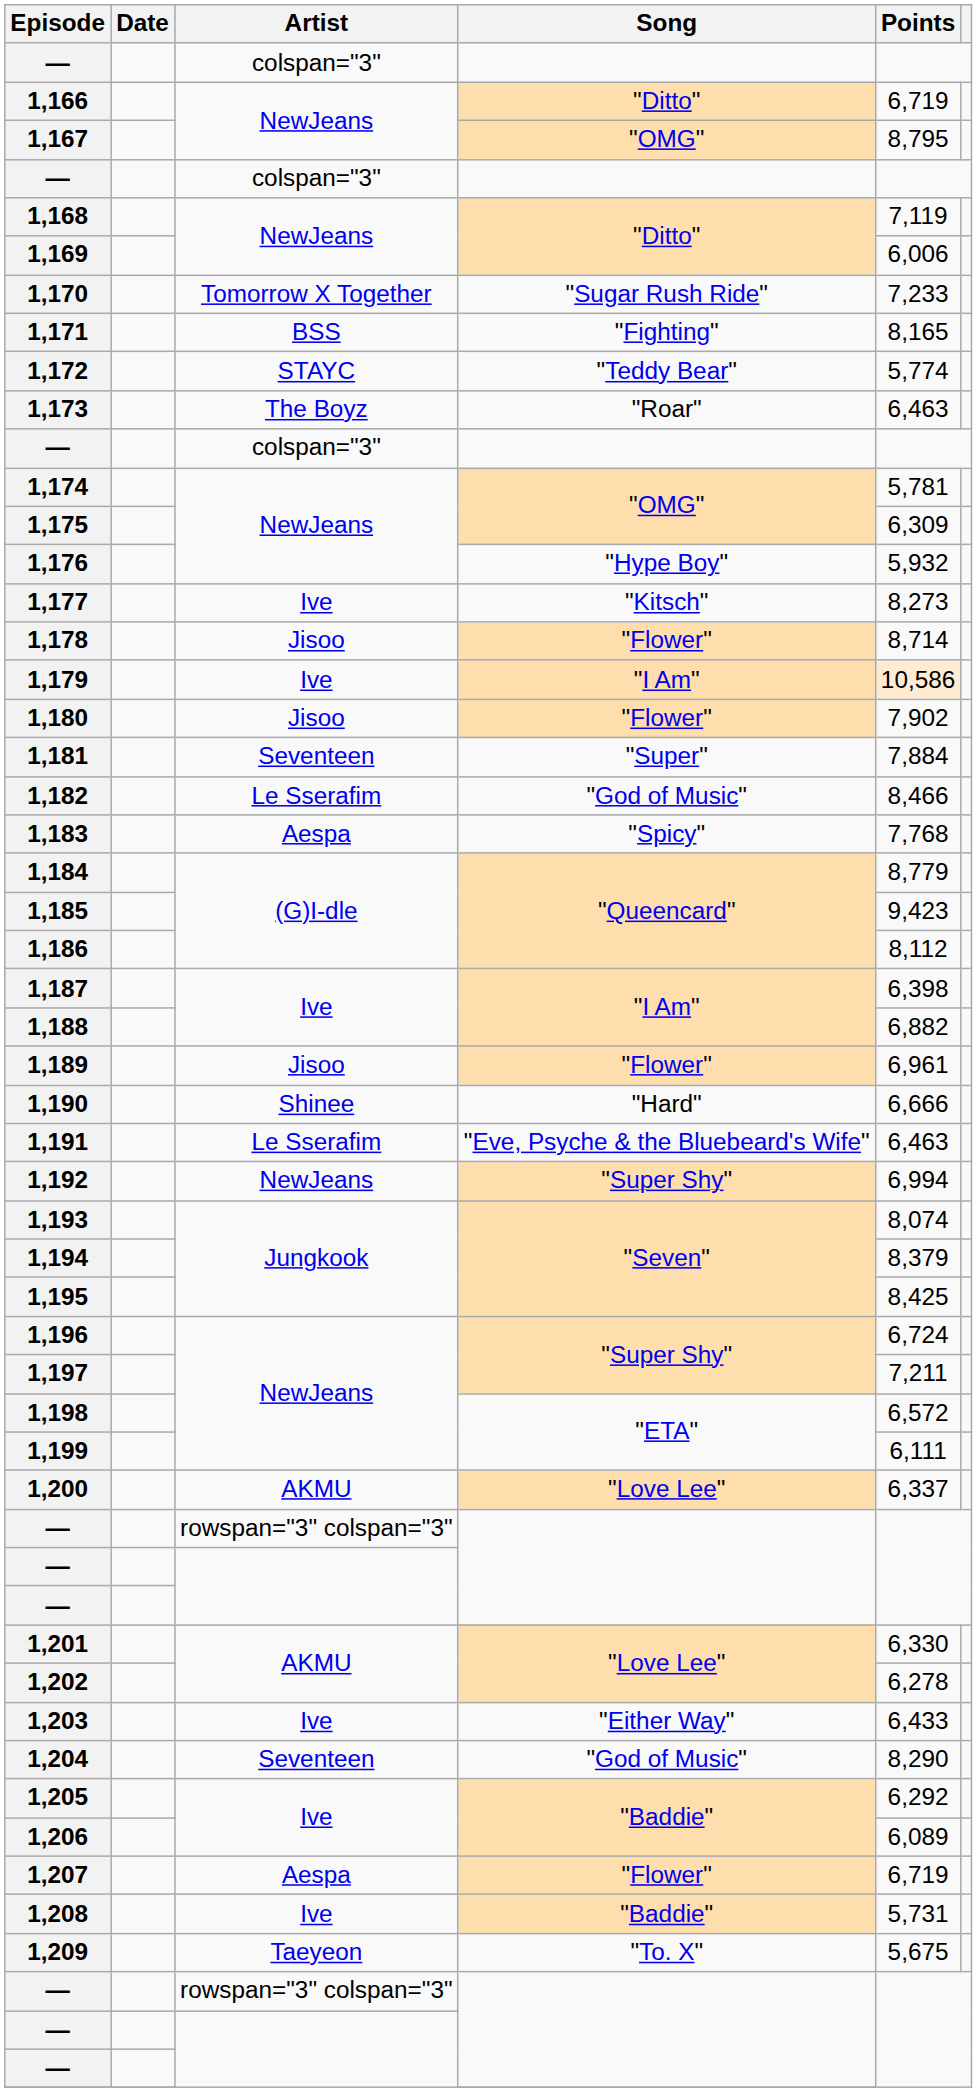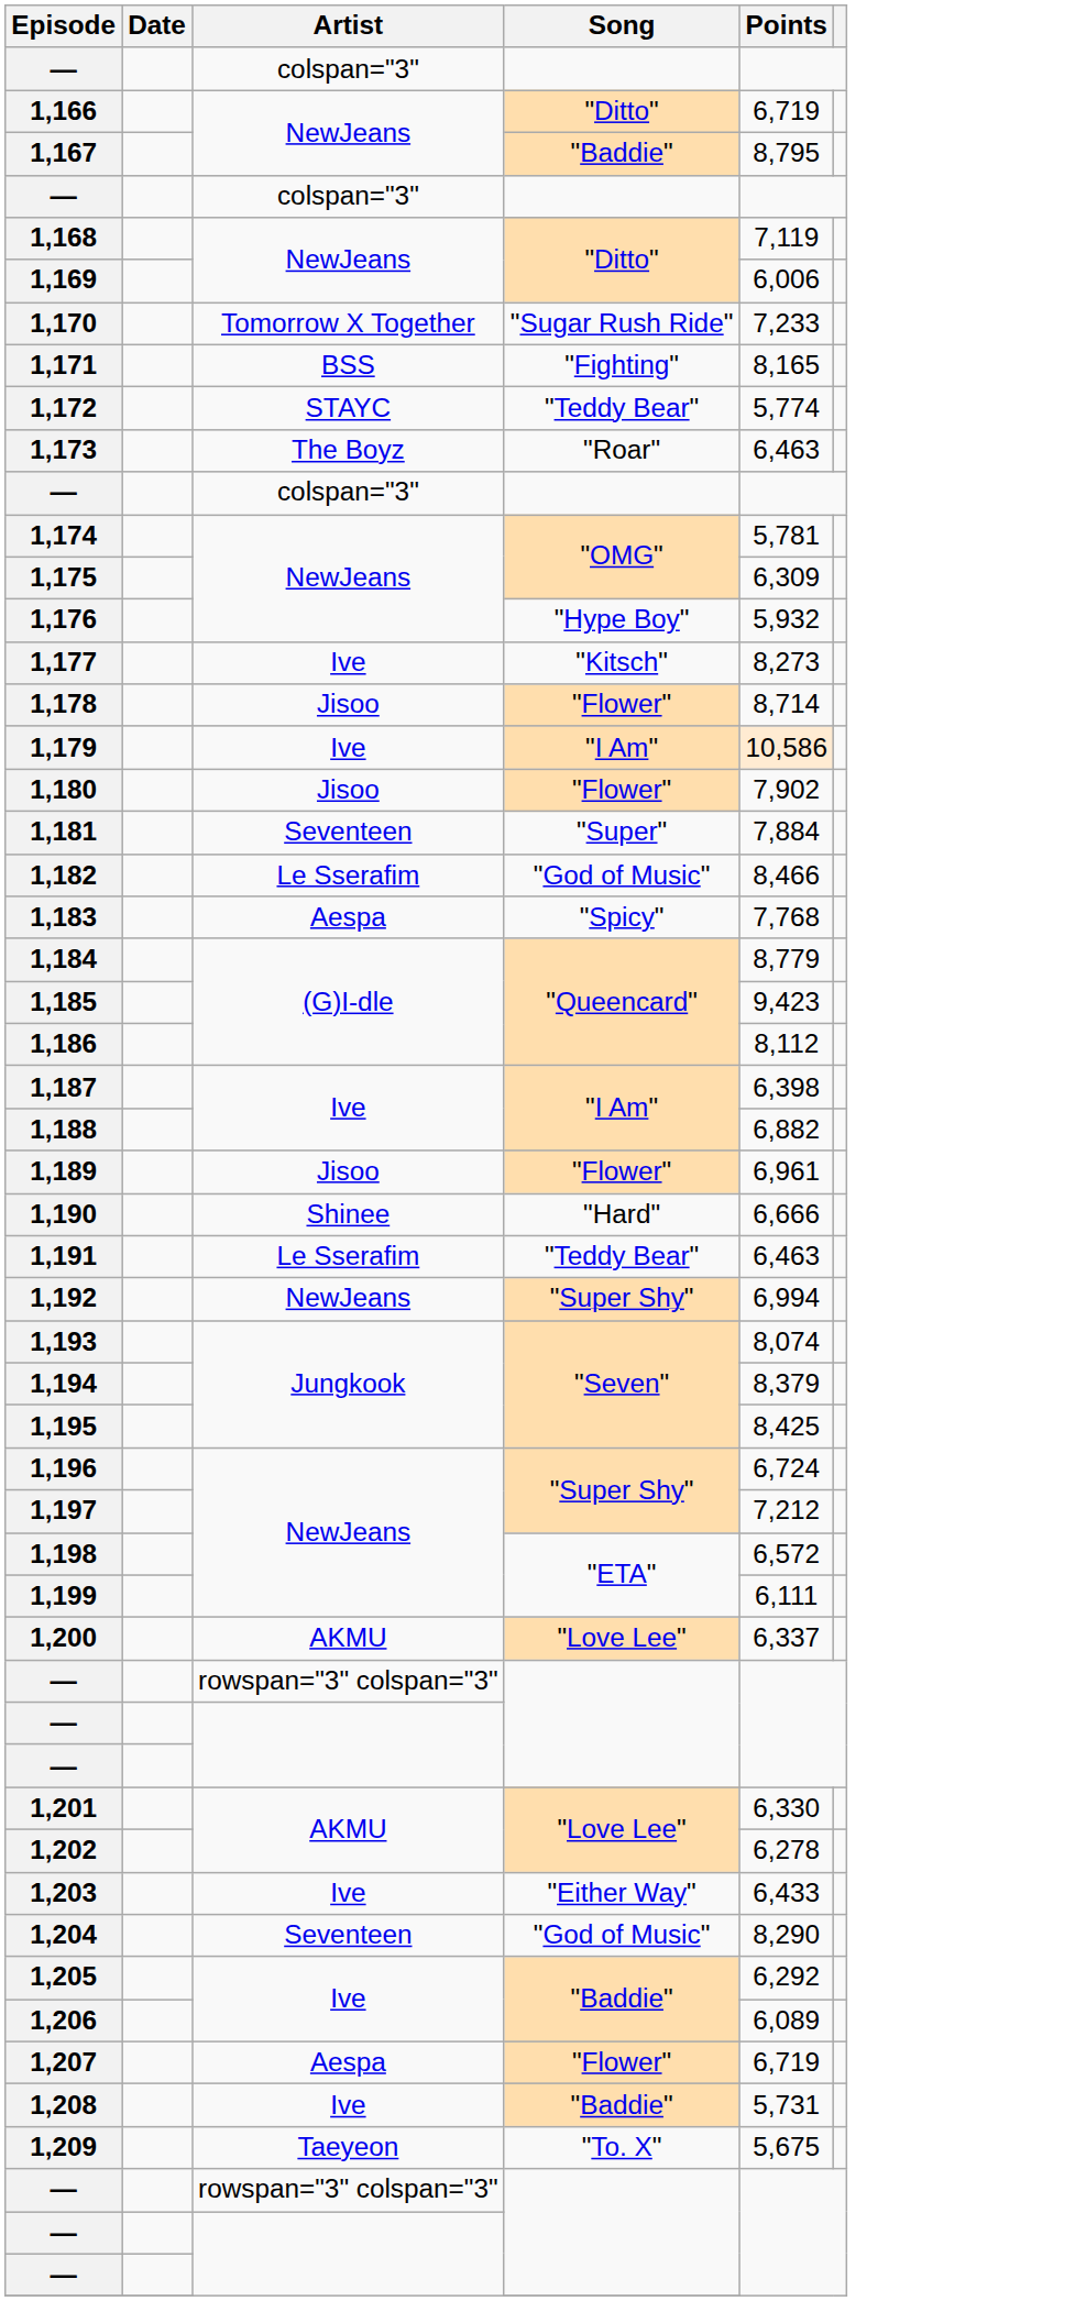 <table class="wikitable sortable plainrowheaders" style="text-align:center">
 <tr>
 <th scope="col">Episode</th>
 <th scope="col">Date</th>
 <th scope="col">Artist</th>
 <th scope="col">Song</th>
 <th scope="col">Points</th>
 <th scope="col" class="unsortable"></th>
 </tr>
 <tr>
 <th scope="row">—</th>
 <td></td>
 <td>colspan="3" </td>
 <td></td>
 </tr>
 <tr>
 <th scope="row">1,166</th>
 <td></td>
 <td rowspan="2"><a href='#'>NewJeans</a></td>
 <td style="background:#FFDEAD">"<a href='#'>Ditto</a>" </td>
 <td>6,719</td>
 <td></td>
 </tr>
 <tr>
 <th scope="row">1,167</th>
 <td></td>
-<td style="background:#FFDEAD">"<a href='#'>OMG</a>"  </td>
+<td style="background:#FFDEAD">"<a href='#'>Baddie</a>" </td>
 <td>8,795</td>
 <td></td>
 </tr>
 <tr>
 <th scope="row">—</th>
 <td></td>
 <td>colspan="3" </td>
 <td></td>
 </tr>
 <tr>
 <th scope="row">1,168</th>
 <td></td>
 <td rowspan="2"><a href='#'>NewJeans</a></td>
 <td rowspan="2" style="background:#FFDEAD">"<a href='#'>Ditto</a>" </td>
 <td>7,119</td>
 <td></td>
 </tr>
 <tr>
 <th scope="row">1,169</th>
 <td></td>
 <td>6,006</td>
 <td></td>
 </tr>
 <tr>
 <th scope="row">1,170</th>
 <td></td>
 <td><a href='#'>Tomorrow X Together</a></td>
 <td>"<a href='#'>Sugar Rush Ride</a>"</td>
 <td>7,233</td>
 <td></td>
 </tr>
 <tr>
 <th scope="row">1,171</th>
 <td></td>
 <td><a href='#'>BSS</a></td>
 <td>"<a href='#'>Fighting</a>"</td>
 <td>8,165</td>
 <td></td>
 </tr>
 <tr>
 <th scope="row">1,172</th>
 <td></td>
 <td><a href='#'>STAYC</a></td>
 <td>"<a href='#'>Teddy Bear</a>"</td>
 <td>5,774</td>
 <td></td>
 </tr>
 <tr>
 <th scope="row">1,173</th>
 <td></td>
 <td data-sort-value="Boyz, The"><a href='#'>The Boyz</a></td>
 <td>"Roar"</td>
 <td>6,463</td>
 <td></td>
 </tr>
 <tr>
 <th scope="row">—</th>
 <td></td>
 <td>colspan="3" </td>
 <td></td>
 </tr>
 <tr>
 <th scope="row">1,174</th>
 <td></td>
 <td rowspan="3"><a href='#'>NewJeans</a></td>
 <td rowspan="2" style="background:#FFDEAD">"<a href='#'>OMG</a>" </td>
 <td>5,781</td>
 <td></td>
 </tr>
 <tr>
 <th scope="row">1,175</th>
 <td></td>
 <td>6,309</td>
 <td></td>
 </tr>
 <tr>
 <th scope="row">1,176</th>
 <td></td>
 <td>"<a href='#'>Hype Boy</a>"</td>
 <td>5,932</td>
 <td></td>
 </tr>
 <tr>
 <th scope="row">1,177</th>
 <td></td>
 <td><a href='#'>Ive</a></td>
 <td>"<a href='#'>Kitsch</a>"</td>
 <td>8,273</td>
 <td></td>
 </tr>
 <tr>
 <th scope="row">1,178</th>
 <td></td>
 <td><a href='#'>Jisoo</a></td>
 <td style="background:#FFDEAD">"<a href='#'>Flower</a>" </td>
 <td>8,714</td>
 <td></td>
 </tr>
 <tr>
 <th scope="row">1,179</th>
 <td></td>
 <td><a href='#'>Ive</a></td>
 <td style="background:#FFDEAD">"<a href='#'>I Am</a>" </td>
 <td style="background:#FFEBD2;">10,586 </td>
 <td></td>
 </tr>
 <tr>
 <th scope="row">1,180</th>
 <td></td>
 <td><a href='#'>Jisoo</a></td>
 <td style="background:#FFDEAD">"<a href='#'>Flower</a>" </td>
 <td>7,902</td>
 <td></td>
 </tr>
 <tr>
 <th scope="row">1,181</th>
 <td></td>
 <td><a href='#'>Seventeen</a></td>
 <td>"<a href='#'>Super</a>"</td>
 <td>7,884</td>
 <td></td>
 </tr>
 <tr>
 <th scope="row">1,182</th>
 <td></td>
 <td><a href='#'>Le Sserafim</a></td>
 <td>"<a href='#'>God of Music</a>"</td>
 <td>8,466</td>
 <td></td>
 </tr>
 <tr>
 <th scope="row">1,183</th>
 <td></td>
 <td><a href='#'>Aespa</a></td>
 <td>"<a href='#'>Spicy</a>"</td>
 <td>7,768</td>
 <td></td>
 </tr>
 <tr>
 <th scope="row">1,184</th>
 <td></td>
 <td rowspan="3"><a href='#'>(G)I-dle</a></td>
 <td style="background:#FFDEAD" rowspan="3">"<a href='#'>Queencard</a>" </td>
 <td>8,779</td>
 <td></td>
 </tr>
 <tr>
 <th scope="row">1,185</th>
 <td></td>
 <td>9,423</td>
 <td></td>
 </tr>
 <tr>
 <th scope="row">1,186</th>
 <td></td>
 <td>8,112</td>
 <td></td>
 </tr>
 <tr>
 <th scope="row">1,187</th>
 <td></td>
 <td rowspan="2"><a href='#'>Ive</a></td>
 <td style="background:#FFDEAD" rowspan="2">"<a href='#'>I Am</a>" </td>
 <td>6,398</td>
 <td></td>
 </tr>
 <tr>
 <th scope="row">1,188</th>
 <td></td>
 <td>6,882</td>
 <td></td>
 </tr>
 <tr>
 <th scope="row">1,189</th>
 <td></td>
 <td><a href='#'>Jisoo</a></td>
 <td style="background:#FFDEAD">"<a href='#'>Flower</a>" </td>
 <td>6,961</td>
 <td></td>
 </tr>
 <tr>
 <th scope="row">1,190</th>
 <td></td>
 <td><a href='#'>Shinee</a></td>
 <td>"Hard"</td>
 <td>6,666</td>
 <td></td>
 </tr>
 <tr>
 <th scope="row">1,191</th>
 <td></td>
 <td><a href='#'>Le Sserafim</a></td>
-<td>"<a href='#'>Eve, Psyche & the Bluebeard's Wife</a>"</td>
+<td>"<a href='#'>Teddy Bear</a>"</td>
 <td>6,463</td>
 <td></td>
 </tr>
 <tr>
 <th scope="row">1,192</th>
 <td></td>
 <td><a href='#'>NewJeans</a></td>
 <td style="background:#FFDEAD">"<a href='#'>Super Shy</a>" </td>
 <td>6,994</td>
 <td></td>
 </tr>
 <tr>
 <th scope="row">1,193</th>
 <td></td>
 <td rowspan="3"><a href='#'>Jungkook</a></td>
 <td style="background:#FFDEAD" rowspan="3">"<a href='#'>Seven</a>" </td>
 <td>8,074</td>
 <td></td>
 </tr>
 <tr>
 <th scope="row">1,194</th>
 <td></td>
 <td>8,379</td>
 <td></td>
 </tr>
 <tr>
 <th scope="row">1,195</th>
 <td></td>
 <td>8,425</td>
 <td></td>
 </tr>
 <tr>
 <th scope="row">1,196</th>
 <td></td>
 <td rowspan="4"><a href='#'>NewJeans</a></td>
 <td style="background:#FFDEAD" rowspan="2">"<a href='#'>Super Shy</a>" </td>
 <td>6,724</td>
 <td></td>
 </tr>
 <tr>
 <th scope="row">1,197</th>
 <td></td>
-<td>7,211</td>
+<td>7,212</td>
 <td></td>
 </tr>
 <tr>
 <th scope="row">1,198</th>
 <td></td>
 <td rowspan="2">"<a href='#'>ETA</a>"</td>
 <td>6,572</td>
 <td></td>
 </tr>
 <tr>
 <th scope="row">1,199</th>
 <td></td>
 <td>6,111</td>
 <td></td>
 </tr>
 <tr>
 <th scope="row">1,200</th>
 <td></td>
 <td><a href='#'>AKMU</a></td>
 <td style="background:#FFDEAD">"<a href='#'>Love Lee</a>" </td>
 <td>6,337</td>
 <td></td>
 </tr>
 <tr>
 <th scope="row">—</th>
 <td></td>
 <td>rowspan="3" colspan="3" </td>
 <td rowspan="3"></td>
 </tr>
 <tr>
 <th scope="row">—</th>
 <td></td>
 </tr>
 <tr>
 <th scope="row">—</th>
 <td></td>
 </tr>
 <tr>
 <th scope="row">1,201</th>
 <td></td>
 <td rowspan="2"><a href='#'>AKMU</a></td>
 <td style="background:#FFDEAD" rowspan="2">"<a href='#'>Love Lee</a>" </td>
 <td>6,330</td>
 <td></td>
 </tr>
 <tr>
 <th scope="row">1,202</th>
 <td></td>
 <td>6,278</td>
 <td></td>
 </tr>
 <tr>
 <th scope="row">1,203</th>
 <td></td>
 <td><a href='#'>Ive</a></td>
 <td>"<a href='#'>Either Way</a>"</td>
 <td>6,433</td>
 <td></td>
 </tr>
 <tr>
 <th scope="row">1,204</th>
 <td></td>
 <td><a href='#'>Seventeen</a></td>
 <td>"<a href='#'>God of Music</a>"</td>
 <td>8,290</td>
 <td></td>
 </tr>
 <tr>
 <th scope="row">1,205</th>
 <td></td>
 <td rowspan="2"><a href='#'>Ive</a></td>
 <td style="background:#FFDEAD" rowspan="2">"<a href='#'>Baddie</a>" </td>
 <td>6,292</td>
 <td></td>
 </tr>
 <tr>
 <th scope="row">1,206</th>
 <td></td>
 <td>6,089</td>
 <td></td>
 </tr>
 <tr>
 <th scope="row">1,207</th>
 <td></td>
 <td><a href='#'>Aespa</a></td>
 <td style="background:#FFDEAD">"<a href='#'>Flower</a>" </td>
 <td>6,719</td>
 <td></td>
 </tr>
 <tr>
 <th scope="row">1,208</th>
 <td></td>
 <td><a href='#'>Ive</a></td>
 <td style="background:#FFDEAD">"<a href='#'>Baddie</a>" </td>
 <td>5,731</td>
 <td></td>
 </tr>
 <tr>
 <th scope="row">1,209</th>
 <td></td>
 <td><a href='#'>Taeyeon</a></td>
 <td>"<a href='#'>To. X</a>"</td>
 <td>5,675</td>
 <td></td>
 </tr>
 <tr>
 <th scope="row">—</th>
 <td></td>
 <td>rowspan="3" colspan="3" </td>
 <td rowspan="3"></td>
 </tr>
 <tr>
 <th scope="row">—</th>
 <td></td>
 </tr>
 <tr>
 <th scope="row">—</th>
 <td></td>
 </tr>
 <tr>
 </tr>
 </table>
